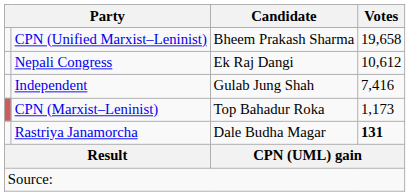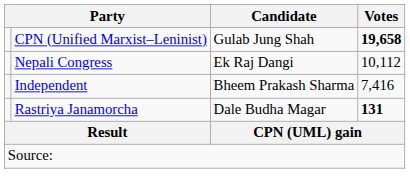 <table class="wikitable">
 <tr>
 <th colspan="2">Party</th>
 <th>Candidate</th>
 <th>Votes</th>
 </tr>
 <tr>
 <td style="background-color:"></td>
 <td><a href='#'>CPN (Unified Marxist–Leninist)</a></td>
-<td>Bheem Prakash Sharma</td>
-<td>19,658</td>
+<td>Gulab Jung Shah</td>
+<td><strong>19,658</strong></td>
 </tr>
 <tr>
 <td style="background-color:"></td>
 <td><a href='#'>Nepali Congress</a></td>
 <td>Ek Raj Dangi</td>
-<td>10,612</td>
+<td>10,112</td>
 </tr>
 <tr>
 <td style="background-color:"></td>
 <td><a href='#'>Independent</a></td>
-<td>Gulab Jung Shah</td>
+<td>Bheem Prakash Sharma</td>
 <td>7,416</td>
-</tr>
-<tr>
-<td style="background-color:indianred"></td>
-<td><a href='#'>CPN (Marxist–Leninist)</a></td>
-<td>Top Bahadur Roka</td>
-<td>1,173</td>
 </tr>
 <tr>
 <td style="background-color:"></td>
 <td><a href='#'>Rastriya Janamorcha</a></td>
 <td>Dale Budha Magar</td>
 <td><strong>131</strong></td>
 </tr>
 <tr>
 <th colspan="2">Result</th>
 <th colspan="2">CPN (UML) gain</th>
 </tr>
 <tr>
 <td colspan="4">Source: </td>
 </tr>
 </table>
